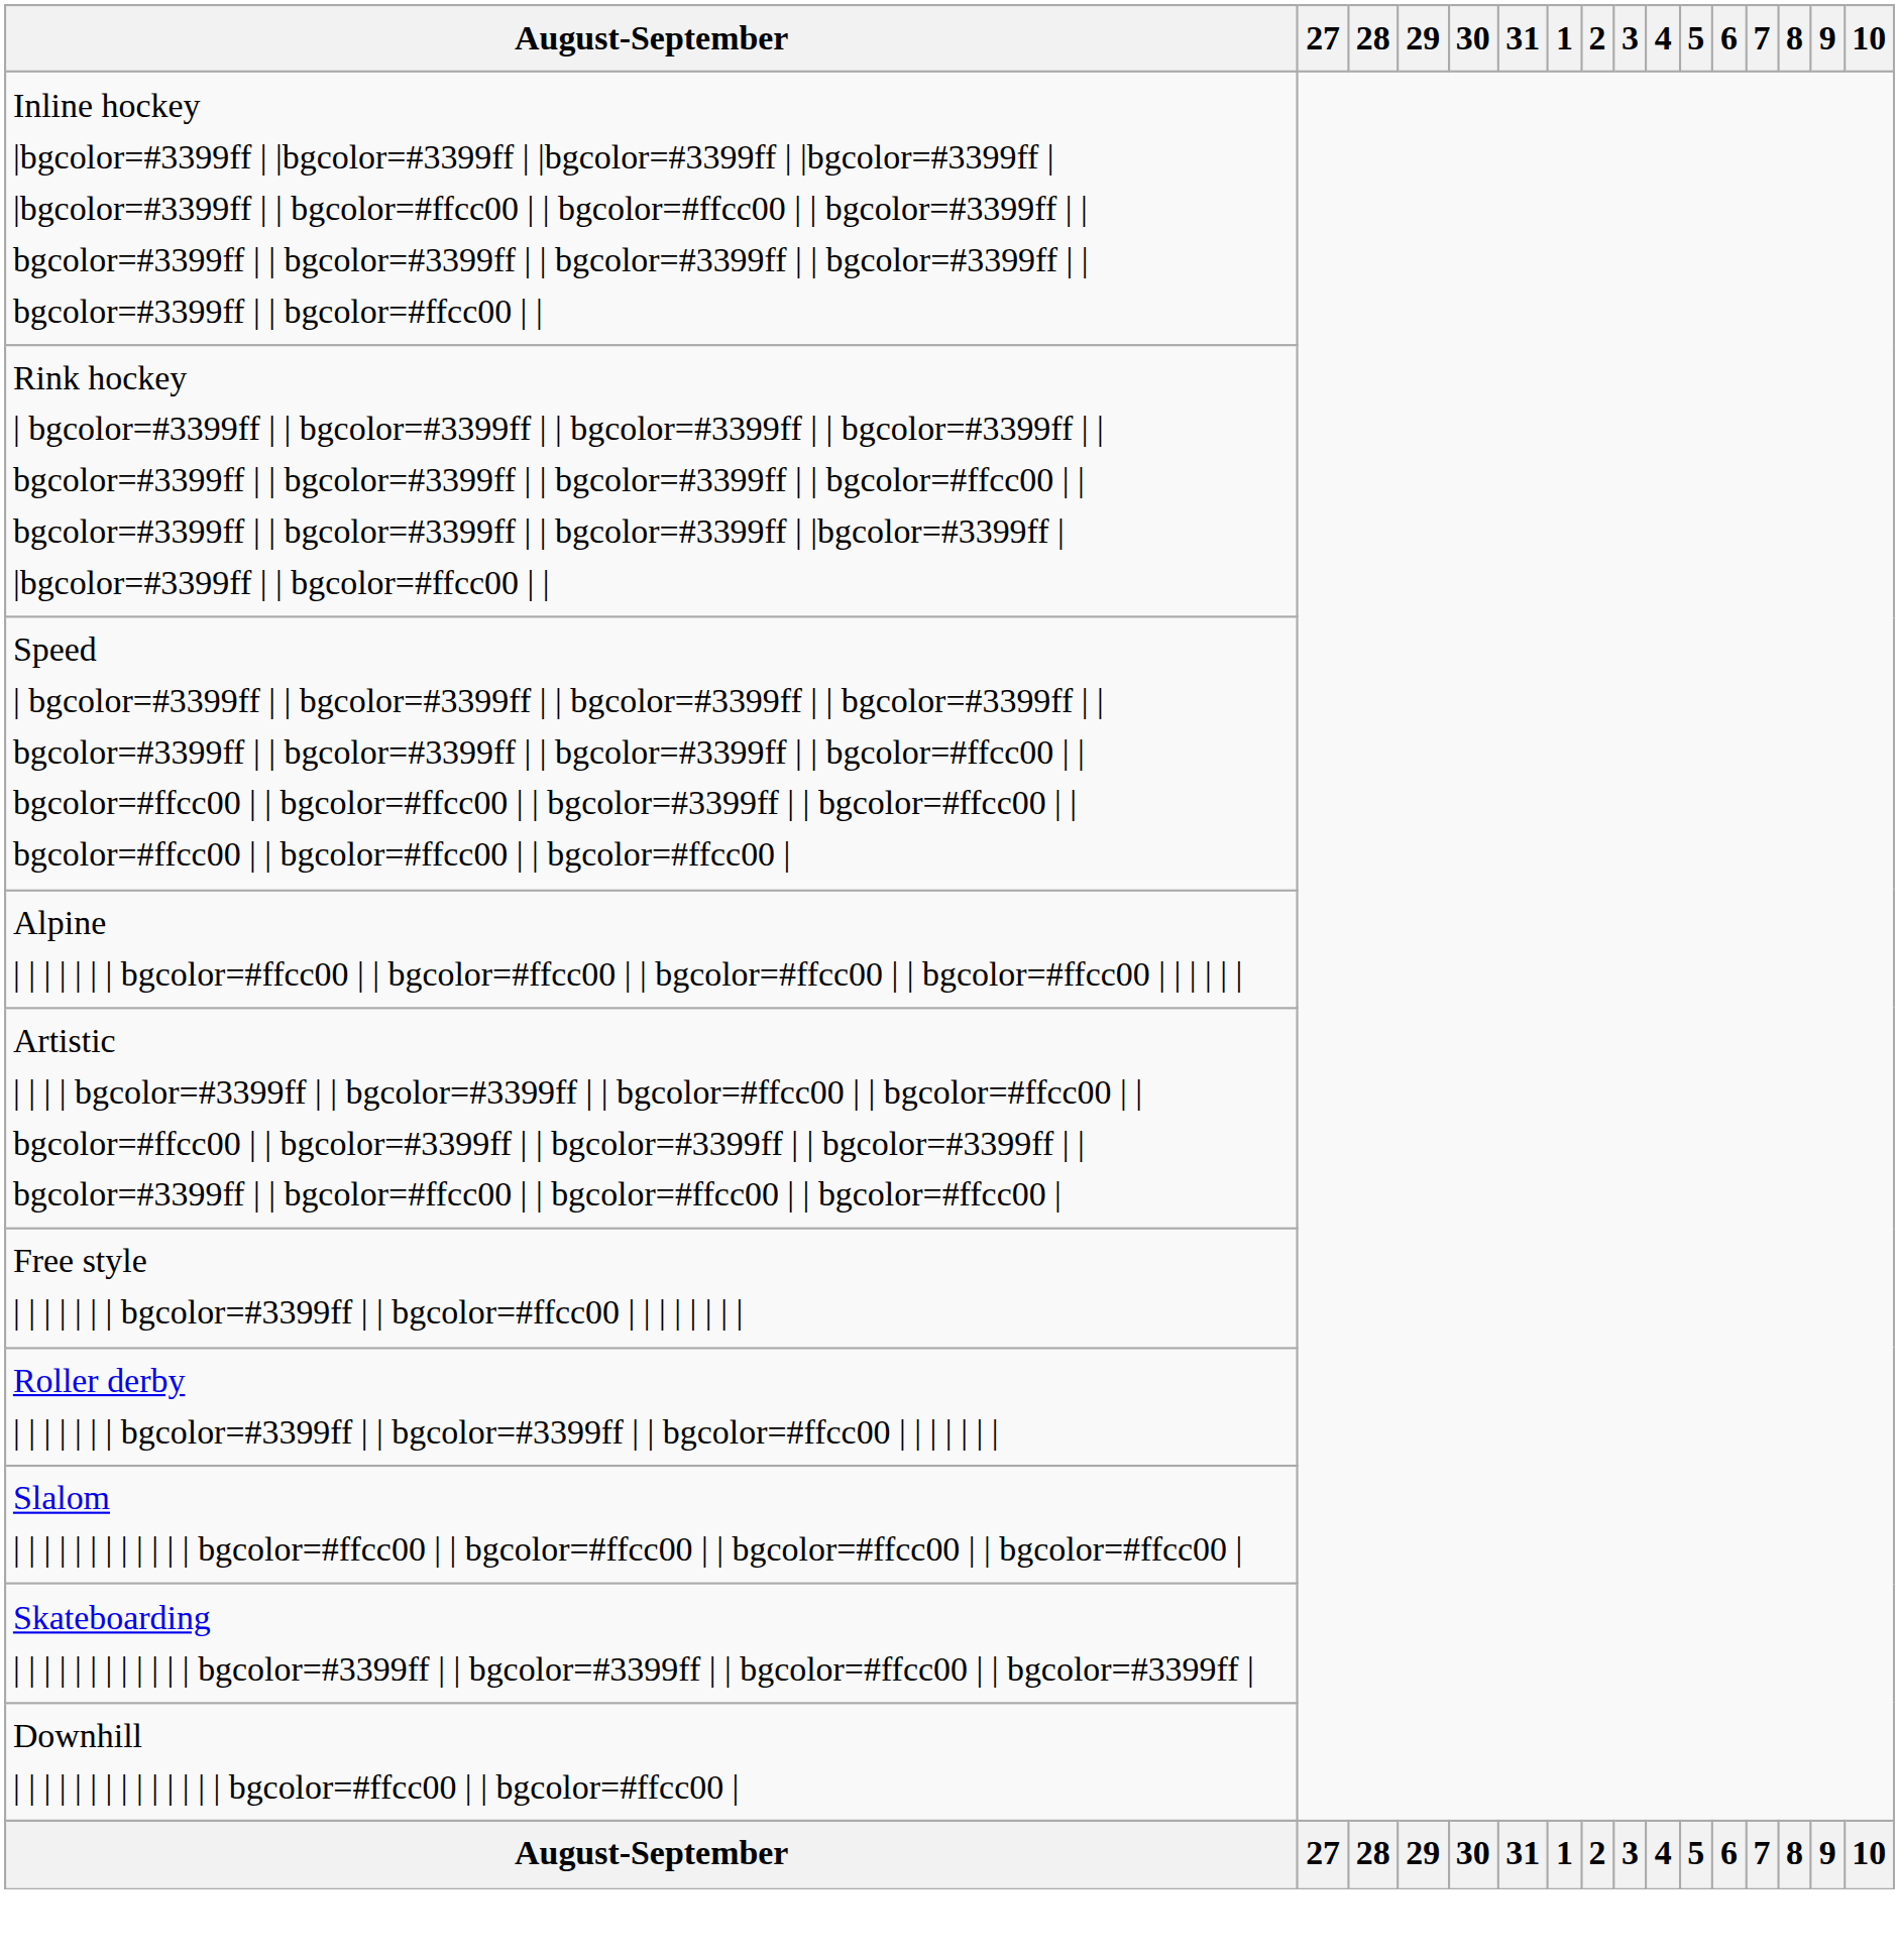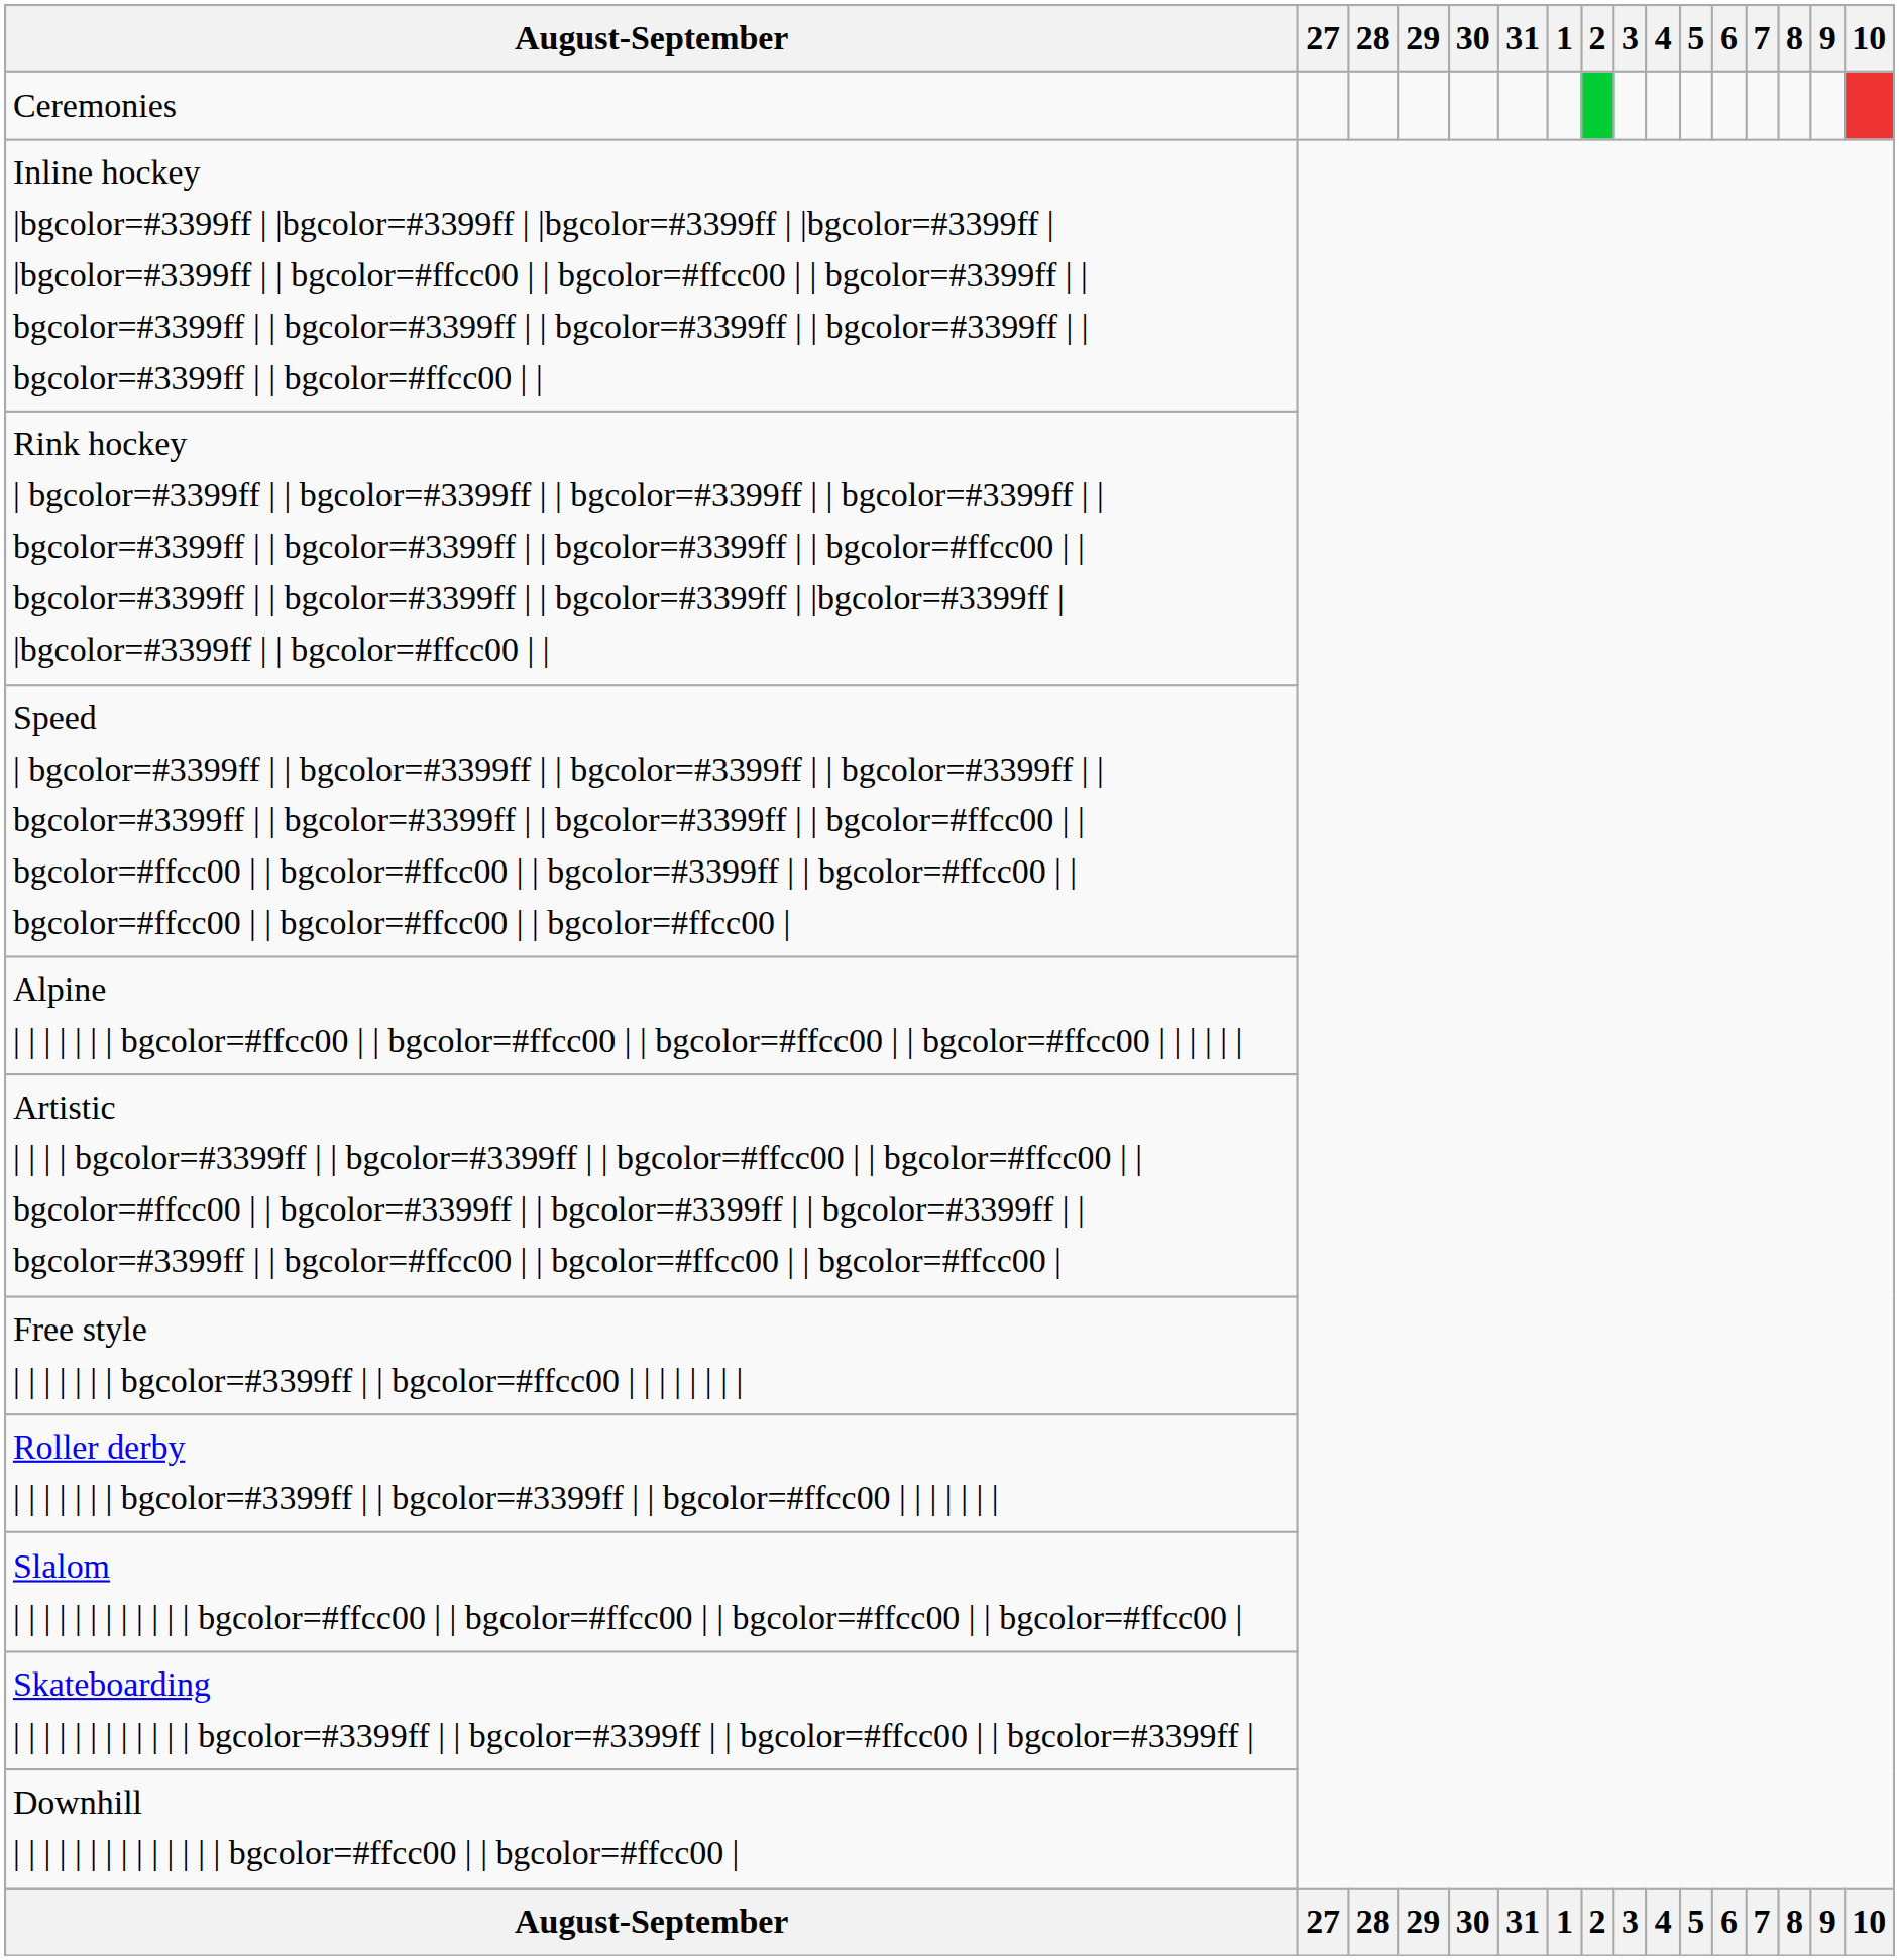 <table class="wikitable" style="margin:0.5em auto; font-size:100%; line-height:1.50em;">
 <tr>
 <th>August-September</th>
 <th>27</th>
 <th>28</th>
 <th>29</th>
 <th>30</th>
 <th>31</th>
 <th>1</th>
 <th>2</th>
 <th>3</th>
 <th>4</th>
 <th>5</th>
 <th>6</th>
 <th>7</th>
 <th>8</th>
 <th>9</th>
 <th>10</th>
+</tr>
+<tr>
+<td>Ceremonies</td>
+<td></td>
+<td></td>
+<td></td>
+<td></td>
+<td></td>
+<td></td>
+<td style="background:#0c3;"></td>
+<td></td>
+<td></td>
+<td></td>
+<td></td>
+<td></td>
+<td></td>
+<td></td>
+<td style="background:#e33;"></td>
 </tr>
 <tr style="text-align:center;">
 <td style="text-align:left;">Inline hockey<br>|bgcolor=#3399ff | |bgcolor=#3399ff | |bgcolor=#3399ff | |bgcolor=#3399ff | |bgcolor=#3399ff | | bgcolor=#ffcc00 | | bgcolor=#ffcc00 | | bgcolor=#3399ff | | bgcolor=#3399ff | | bgcolor=#3399ff | | bgcolor=#3399ff | | bgcolor=#3399ff | | bgcolor=#3399ff | | bgcolor=#ffcc00 | |</td>
 </tr>
 <tr style="text-align:center;">
 <td style="text-align:left;">Rink hockey<br>| bgcolor=#3399ff | | bgcolor=#3399ff | | bgcolor=#3399ff | | bgcolor=#3399ff | | bgcolor=#3399ff | | bgcolor=#3399ff | | bgcolor=#3399ff | | bgcolor=#ffcc00 | | bgcolor=#3399ff | | bgcolor=#3399ff | | bgcolor=#3399ff | |bgcolor=#3399ff | |bgcolor=#3399ff | | bgcolor=#ffcc00 | |</td>
 </tr>
 <tr style="text-align:center;">
 <td style="text-align:left;">Speed<br>| bgcolor=#3399ff | | bgcolor=#3399ff | | bgcolor=#3399ff | | bgcolor=#3399ff | | bgcolor=#3399ff | | bgcolor=#3399ff | | bgcolor=#3399ff | | bgcolor=#ffcc00 | | bgcolor=#ffcc00 | | bgcolor=#ffcc00 | | bgcolor=#3399ff | | bgcolor=#ffcc00 | | bgcolor=#ffcc00 | | bgcolor=#ffcc00 | | bgcolor=#ffcc00 |</td>
 </tr>
 <tr style="text-align:center;">
 <td style="text-align:left;">Alpine<br>| | | | | |  | bgcolor=#ffcc00 | | bgcolor=#ffcc00 | | bgcolor=#ffcc00 | | bgcolor=#ffcc00 | |  | | | |</td>
 </tr>
 <tr style="text-align:center;">
 <td style="text-align:left;">Artistic<br>| | | | bgcolor=#3399ff | | bgcolor=#3399ff | | bgcolor=#ffcc00 | | bgcolor=#ffcc00 | | bgcolor=#ffcc00 | | bgcolor=#3399ff | | bgcolor=#3399ff | | bgcolor=#3399ff | | bgcolor=#3399ff | | bgcolor=#ffcc00 | | bgcolor=#ffcc00 | | bgcolor=#ffcc00 |</td>
 </tr>
 <tr style="text-align:center;">
 <td style="text-align:left;">Free style<br>| | | | | |  | bgcolor=#3399ff | | bgcolor=#ffcc00 | |  |  |  | | | |</td>
 </tr>
 <tr style="text-align:center;">
 <td style="text-align:left;"><a href='#'>Roller derby</a><br>| | | | | |  | bgcolor=#3399ff | | bgcolor=#3399ff | | bgcolor=#ffcc00 | |  |  | | | |</td>
 </tr>
 <tr style="text-align:center;">
 <td style="text-align:left;"><a href='#'>Slalom</a><br>| | | | | |  |  |  |  |  |  | bgcolor=#ffcc00 | | bgcolor=#ffcc00 | | bgcolor=#ffcc00 | | bgcolor=#ffcc00 |</td>
 </tr>
 <tr style="text-align:center;">
 <td style="text-align:left;"><a href='#'>Skateboarding</a><br>| | | | | |  |  |  |  |  |  | bgcolor=#3399ff | | bgcolor=#3399ff | | bgcolor=#ffcc00 | | bgcolor=#3399ff |</td>
 </tr>
 <tr style="text-align:center;">
 <td style="text-align:left;">Downhill<br>| | | | | |  |  |  |  |  |  | | | bgcolor=#ffcc00 | | bgcolor=#ffcc00 |</td>
 </tr>
 <tr style="text-align:center;">
 </tr>
 <tr>
 <th>August-September</th>
 <th>27</th>
 <th>28</th>
 <th>29</th>
 <th>30</th>
 <th>31</th>
 <th>1</th>
 <th>2</th>
 <th>3</th>
 <th>4</th>
 <th>5</th>
 <th>6</th>
 <th>7</th>
 <th>8</th>
 <th>9</th>
 <th>10</th>
 </tr>
 </table>
